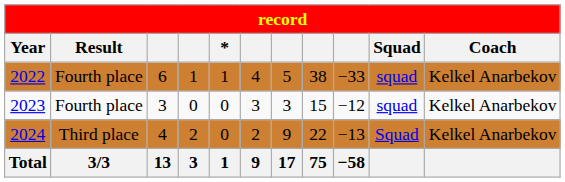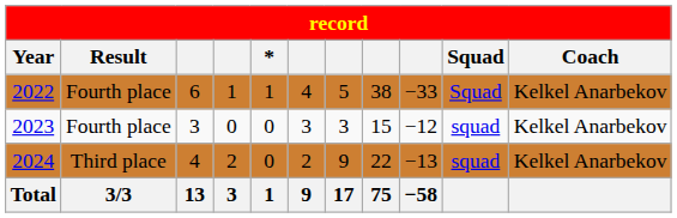 <table class="wikitable mw-collapsible" style="text-align: center;font-size:95%;">
 <tr>
 <th colspan="11" style="background: #FF0000; color: #FFFF00;"><a href='#'></a> record</th>
 </tr>
 <tr>
 <th>Year</th>
 <th>Result</th>
 <th width=20></th>
 <th width=20></th>
 <th width=20>*</th>
 <th width=20></th>
 <th width=20></th>
 <th width=20></th>
 <th width=20></th>
 <th>Squad</th>
 <th>Coach</th>
 </tr>
 <tr style="background:#CD7F32;">
 <td> <a href='#'>2022</a></td>
 <td>Fourth place</td>
 <td>6</td>
 <td>1</td>
 <td>1</td>
 <td>4</td>
 <td>5</td>
 <td>38</td>
 <td>−33</td>
-<td><a href='#'>squad</a></td>
+<td><a href='#'>Squad</a></td>
 <td>Kelkel Anarbekov</td>
 </tr>
 <tr>
 <td> <a href='#'>2023</a></td>
 <td>Fourth place</td>
 <td>3</td>
 <td>0</td>
 <td>0</td>
 <td>3</td>
 <td>3</td>
 <td>15</td>
 <td>−12</td>
 <td><a href='#'>squad</a></td>
 <td>Kelkel Anarbekov</td>
 </tr>
 <tr style="background:#CD7F32;">
 <td> <a href='#'>2024</a></td>
 <td>Third place</td>
 <td>4</td>
 <td>2</td>
 <td>0</td>
 <td>2</td>
 <td>9</td>
 <td>22</td>
 <td>−13</td>
-<td><a href='#'>Squad</a></td>
+<td><a href='#'>squad</a></td>
 <td>Kelkel Anarbekov</td>
 </tr>
 <tr>
 <th>Total</th>
 <th>3/3</th>
 <th>13</th>
 <th>3</th>
 <th>1</th>
 <th>9</th>
 <th>17</th>
 <th>75</th>
 <th>−58</th>
 <th></th>
 <th></th>
 </tr>
 </table>
